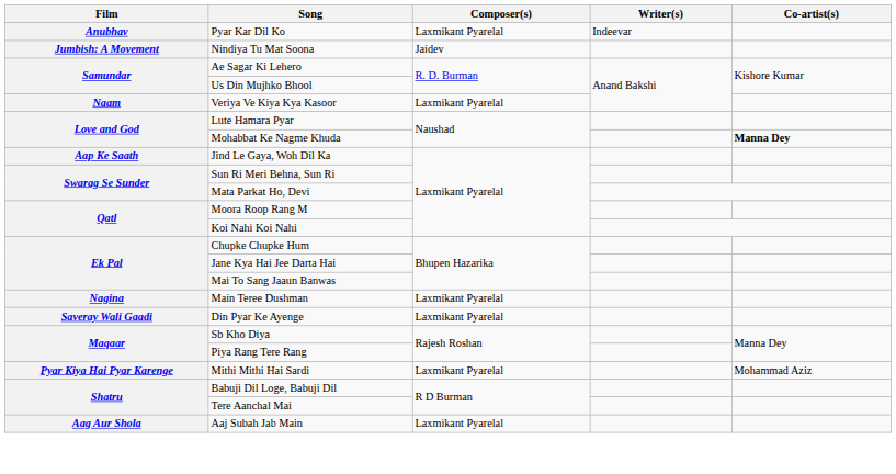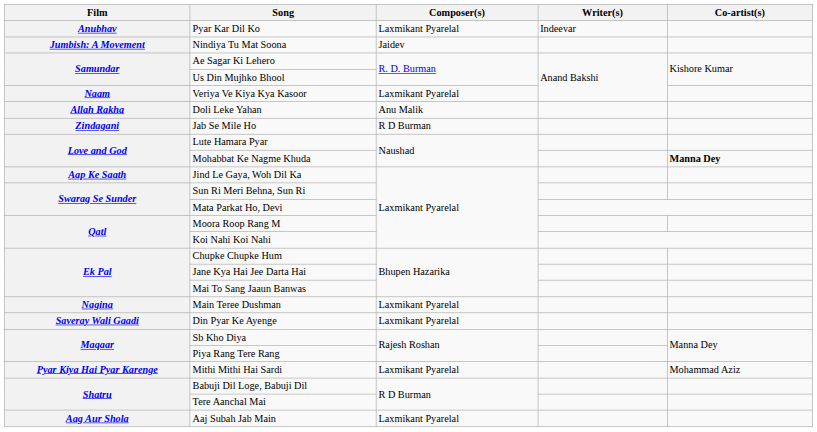 <table class="wikitable plainrowheaders" style="width:100%; textcolor:#000">
 <tr style="background:#b0e0e66;">
 <th scope="col" style="width:23%;"><strong>Film</strong></th>
 <th scope="col" style="width:23%;"><strong>Song</strong></th>
 <th scope="col" style="width:20%;"><strong>Composer(s)</strong></th>
 <th scope="col" style="width:16%;"><strong>Writer(s)</strong></th>
 <th scope="col" style="width:18%;"><strong>Co-artist(s)</strong></th>
 </tr>
 <tr>
 <th><em><a href='#'>Anubhav</a></em></th>
 <td>Pyar Kar Dil Ko</td>
 <td>Laxmikant Pyarelal</td>
 <td>Indeevar</td>
 <td></td>
 </tr>
 <tr>
 <th><em><a href='#'>Jumbish: A Movement</a></em></th>
 <td>Nindiya Tu Mat Soona</td>
 <td>Jaidev</td>
 <td></td>
 <td></td>
 </tr>
 <tr>
 <th Rowspan=2><em><a href='#'>Samundar</a></em></th>
 <td>Ae Sagar Ki Lehero</td>
 <td rowspan=2><a href='#'>R. D. Burman</a></td>
 <td rowspan=3>Anand Bakshi</td>
 <td rowspan=2>Kishore Kumar</td>
 </tr>
 <tr>
 <td>Us Din Mujhko Bhool</td>
 </tr>
 <tr>
 <th><em><a href='#'>Naam</a></em></th>
 <td>Veriya Ve Kiya Kya Kasoor</td>
 <td>Laxmikant Pyarelal</td>
+<td></td>
+</tr>
+<tr>
+<th><em><a href='#'>Allah Rakha</a></em></th>
+<td>Doli Leke Yahan</td>
+<td>Anu Malik</td>
+<td></td>
+<td></td>
+</tr>
+<tr>
+<th><em><a href='#'>Zindagani</a></em></th>
+<td>Jab Se Mile Ho</td>
+<td>R D Burman</td>
+<td></td>
 <td></td>
 </tr>
 <tr>
 <th Rowspan=2><em><a href='#'>Love and God</a></em></th>
 <td>Lute Hamara Pyar</td>
 <td rowspan=2>Naushad</td>
 <td></td>
 <td></td>
 </tr>
 <tr>
 <td>Mohabbat Ke Nagme Khuda</td>
 <td></td>
 <td><strong>Manna Dey</strong></td>
 </tr>
 <tr>
 <th><em><a href='#'>Aap Ke Saath</a></em></th>
 <td>Jind Le Gaya, Woh Dil Ka</td>
 <td rowspan=5>Laxmikant Pyarelal</td>
 <td></td>
 <td></td>
 </tr>
 <tr>
 <th Rowspan=2><em><a href='#'>Swarag Se Sunder</a></em></th>
 <td>Sun Ri Meri Behna, Sun Ri</td>
 <td></td>
 <td></td>
 </tr>
 <tr>
 <td>Mata Parkat Ho, Devi</td>
 </tr>
 <tr>
 <th Rowspan=2><em><a href='#'>Qatl</a></em></th>
 <td>Moora Roop Rang M</td>
 <td></td>
 <td></td>
 </tr>
 <tr>
 <td>Koi Nahi Koi Nahi</td>
 </tr>
 <tr>
 <th Rowspan=3><em><a href='#'>Ek Pal</a></em></th>
 <td>Chupke Chupke Hum</td>
 <td rowspan=3>Bhupen Hazarika</td>
 <td></td>
 <td></td>
 </tr>
 <tr>
 <td>Jane Kya Hai Jee Darta Hai</td>
 <td></td>
 <td></td>
 </tr>
 <tr>
 <td>Mai To Sang Jaaun Banwas</td>
 <td></td>
 <td></td>
 </tr>
 <tr>
 <th><em><a href='#'>Nagina</a></em></th>
 <td>Main Teree Dushman</td>
 <td>Laxmikant Pyarelal</td>
 <td></td>
 <td></td>
 </tr>
 <tr>
 <th><em><a href='#'>Saveray Wali Gaadi</a></em></th>
 <td>Din Pyar Ke Ayenge</td>
 <td>Laxmikant Pyarelal</td>
 <td></td>
 <td></td>
 </tr>
 <tr>
 <th rowspan=2><em><a href='#'>Maqaar</a></em></th>
 <td>Sb Kho Diya</td>
 <td rowspan=2>Rajesh Roshan</td>
 <td></td>
 <td rowspan=2>Manna Dey</td>
 </tr>
 <tr>
 <td>Piya Rang Tere Rang</td>
 </tr>
 <tr>
 <th><em><a href='#'>Pyar Kiya Hai Pyar Karenge</a></em></th>
 <td>Mithi Mithi Hai Sardi</td>
 <td>Laxmikant Pyarelal</td>
 <td></td>
 <td>Mohammad Aziz</td>
 </tr>
 <tr>
 <th Rowspan=2><em><a href='#'>Shatru</a></em></th>
 <td>Babuji Dil Loge, Babuji Dil</td>
 <td rowspan=2>R D Burman</td>
 <td></td>
 <td></td>
 </tr>
 <tr>
 <td>Tere Aanchal Mai</td>
 <td></td>
 <td></td>
 </tr>
 <tr>
 <th><em><a href='#'>Aag Aur Shola</a></em></th>
 <td>Aaj Subah Jab Main</td>
 <td>Laxmikant Pyarelal</td>
 <td></td>
 <td></td>
 </tr>
 </table>
